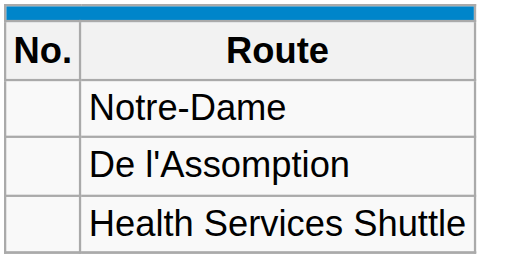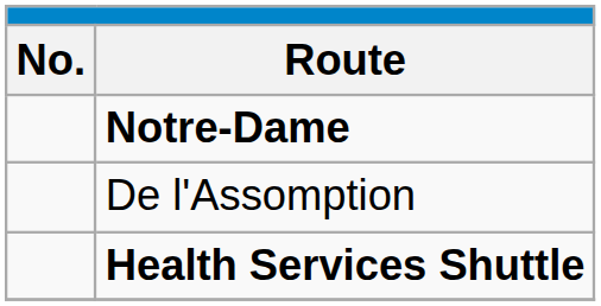 <table align=center class="wikitable">
 <tr>
 <th style="background: #0085CA; font-size:100%; color:#FFFFFF;"colspan="4"><a href='#'></a></th>
 </tr>
 <tr>
 <th>No.</th>
 <th>Route</th>
 </tr>
 <tr>
 <td></td>
-<td>Notre-Dame</td>
+<td><strong>Notre-Dame</strong></td>
 </tr>
 <tr>
 <td></td>
 <td>De l'Assomption</td>
 </tr>
 <tr>
 <td></td>
-<td>Health Services Shuttle</td>
+<td><strong>Health Services Shuttle</strong></td>
 </tr>
 <tr>
 </tr>
 </table>
